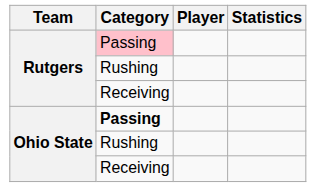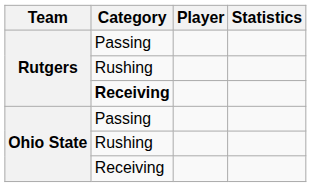 <table class="wikitable" style="float:right">
 <tr>
 <th>Team</th>
 <th>Category</th>
 <th>Player</th>
 <th>Statistics</th>
 </tr>
 <tr>
 <th rowspan=3>Rutgers</th>
-<td style="background: pink;">Passing</td>
+<td>Passing</td>
 <td></td>
 <td></td>
 </tr>
 <tr>
 <td>Rushing</td>
 <td></td>
 <td></td>
 </tr>
 <tr>
-<td>Receiving</td>
+<td><strong>Receiving</strong></td>
 <td></td>
 <td></td>
 </tr>
 <tr>
 <th rowspan=3>Ohio State</th>
-<td><strong>Passing</strong></td>
+<td>Passing</td>
 <td></td>
 <td></td>
 </tr>
 <tr>
 <td>Rushing</td>
 <td></td>
 <td></td>
 </tr>
 <tr>
 <td>Receiving</td>
 <td></td>
 <td></td>
 </tr>
 </table>
